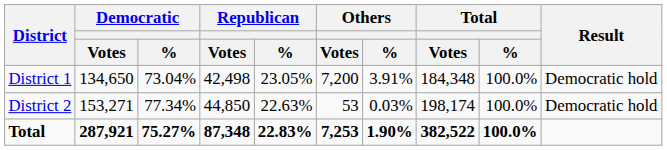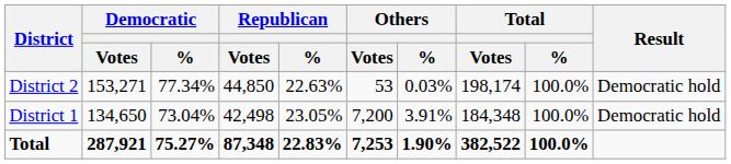 <table class="wikitable plainrowheaders sortable" style="font-size:100%; text-align:right;">
 <tr>
 <th scope=col rowspan=3><a href='#'>District</a></th>
 <th scope=col colspan=2><a href='#'>Democratic</a></th>
 <th scope=col colspan=2><a href='#'>Republican</a></th>
 <th scope=col colspan=2>Others</th>
 <th scope=col colspan=2>Total</th>
 <th scope=col rowspan=3>Result</th>
 </tr>
 <tr>
 <th scope=col colspan=2 style="background:"></th>
 <th scope=col colspan=2 style="background:"></th>
 <th scope=col colspan=2></th>
 <th scope=col colspan=2></th>
 </tr>
 <tr>
 <th scope=col data-sort-type="number">Votes</th>
 <th scope=col data-sort-type="number">%</th>
 <th scope=col data-sort-type="number">Votes</th>
 <th scope=col data-sort-type="number">%</th>
 <th scope=col data-sort-type="number">Votes</th>
 <th scope=col data-sort-type="number">%</th>
 <th scope=col data-sort-type="number">Votes</th>
 <th scope=col data-sort-type="number">%</th>
 </tr>
 <tr>
+<td align=left><a href='#'>District 2</a></td>
+<td>153,271</td>
+<td>77.34%</td>
+<td>44,850</td>
+<td>22.63%</td>
+<td>53</td>
+<td>0.03%</td>
+<td>198,174</td>
+<td>100.0%</td>
+<td align=left>Democratic hold</td>
+</tr>
+<tr>
 <td align=left><a href='#'>District 1</a></td>
 <td>134,650</td>
 <td>73.04%</td>
 <td>42,498</td>
 <td>23.05%</td>
 <td>7,200</td>
 <td>3.91%</td>
 <td>184,348</td>
-<td>100.0%</td>
-<td align=left>Democratic hold</td>
-</tr>
-<tr>
-<td align=left><a href='#'>District 2</a></td>
-<td>153,271</td>
-<td>77.34%</td>
-<td>44,850</td>
-<td>22.63%</td>
-<td>53</td>
-<td>0.03%</td>
-<td>198,174</td>
 <td>100.0%</td>
 <td align=left>Democratic hold</td>
 </tr>
 <tr class="sortbottom" style="font-weight:bold">
 <td align=left>Total</td>
 <td>287,921</td>
 <td>75.27%</td>
 <td>87,348</td>
 <td>22.83%</td>
 <td>7,253</td>
 <td>1.90%</td>
 <td>382,522</td>
 <td>100.0%</td>
 <td></td>
 </tr>
 </table>
